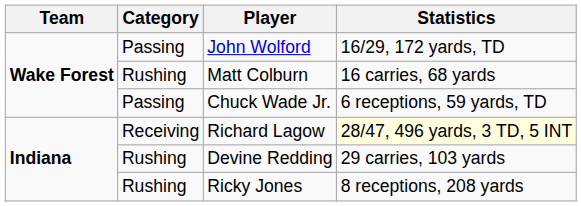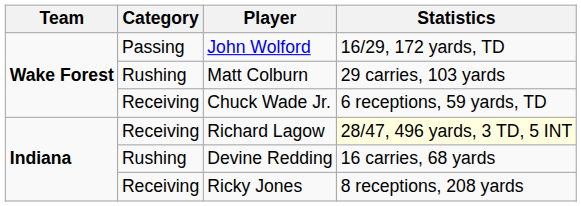 <table class="wikitable" style="float: right;">
 <tr>
 <th>Team</th>
 <th>Category</th>
 <th>Player</th>
 <th>Statistics</th>
 </tr>
 <tr>
 <td rowspan=3><strong>Wake Forest</strong></td>
 <td>Passing</td>
 <td><a href='#'>John Wolford</a></td>
 <td>16/29, 172 yards, TD</td>
 </tr>
 <tr>
 <td>Rushing</td>
 <td>Matt Colburn</td>
-<td>16 carries, 68 yards</td>
+<td>29 carries, 103 yards</td>
 </tr>
 <tr>
-<td>Passing</td>
+<td>Receiving</td>
 <td>Chuck Wade Jr.</td>
 <td>6 receptions, 59 yards, TD</td>
 </tr>
 <tr>
 <td rowspan=3><strong>Indiana</strong></td>
 <td>Receiving</td>
 <td>Richard Lagow</td>
 <td style="background: lightyellow;">28/47, 496 yards, 3 TD, 5 INT</td>
 </tr>
 <tr>
 <td>Rushing</td>
 <td>Devine Redding</td>
-<td>29 carries, 103 yards</td>
+<td>16 carries, 68 yards</td>
 </tr>
 <tr>
-<td>Rushing</td>
+<td>Receiving</td>
 <td>Ricky Jones</td>
 <td>8 receptions, 208 yards</td>
 </tr>
 </table>
